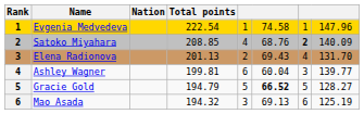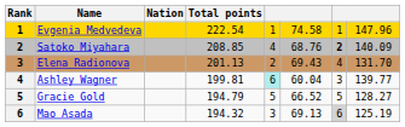 <table class="wikitable sortable">
 <tr>
 <th>Rank</th>
 <th>Name</th>
 <th>Nation</th>
 <th>Total points</th>
 <th colspan="2" width="80px"></th>
 <th colspan="2" width="80px"></th>
 </tr>
 <tr bgcolor="gold">
 <td align="center"><strong>1</strong></td>
 <td><a href='#'>Evgenia Medvedeva</a></td>
 <td></td>
 <td align="center">222.54</td>
 <td align="center">1</td>
 <td align="center">74.58</td>
 <td align="center">1</td>
 <td align="center">147.96</td>
 </tr>
 <tr bgcolor="silver">
 <td align="center"><strong>2</strong></td>
 <td><a href='#'>Satoko Miyahara</a></td>
 <td></td>
 <td align="center">208.85</td>
 <td align="center">4</td>
 <td align="center">68.76</td>
 <td align="center"><strong>2</strong></td>
 <td align="center">140.09</td>
 </tr>
 <tr bgcolor="cc9966">
 <td align="center"><strong>3</strong></td>
 <td><a href='#'>Elena Radionova</a></td>
 <td></td>
 <td align="center">201.13</td>
 <td align="center">2</td>
 <td align="center">69.43</td>
 <td align="center">4</td>
 <td align="center">131.70</td>
 </tr>
 <tr>
 <th>4</th>
 <td><a href='#'>Ashley Wagner</a></td>
 <td></td>
 <td align="center">199.81</td>
-<td align="center">6</td>
+<td align="center" style="background: paleturquoise;">6</td>
 <td align="center">60.04</td>
 <td align="center">3</td>
 <td align="center">139.77</td>
 </tr>
 <tr>
 <th>5</th>
 <td><a href='#'>Gracie Gold</a></td>
 <td></td>
 <td align="center">194.79</td>
 <td align="center">5</td>
-<td align="center"><strong>66.52</strong></td>
+<td align="center">66.52</td>
 <td align="center">5</td>
 <td align="center">128.27</td>
 </tr>
 <tr>
 <th>6</th>
 <td><a href='#'>Mao Asada</a></td>
 <td></td>
 <td align="center">194.32</td>
 <td align="center">3</td>
 <td align="center">69.13</td>
-<td align="center">6</td>
+<td align="center" style="background: lightgrey;">6</td>
 <td align="center">125.19</td>
 </tr>
 </table>
